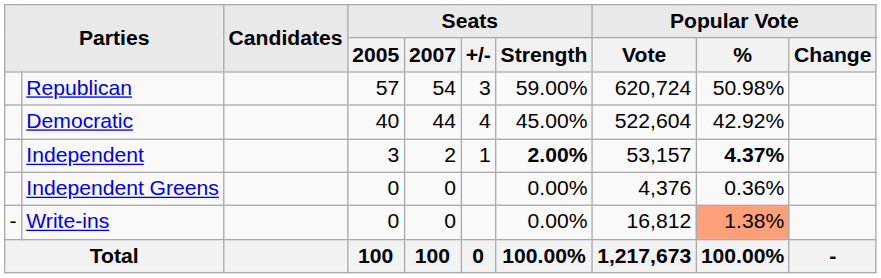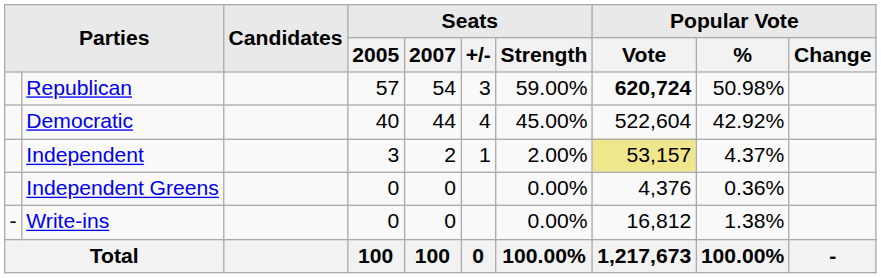 <table class="wikitable">
 <tr>
 <th colspan="2" rowspan="2" align="center" style="background-color:#E9E9E9">Parties</th>
 <th rowspan="2" align="center" style="background-color:#E9E9E9">Candidates</th>
 <th colspan="4" align="center" style="background-color:#E9E9E9">Seats</th>
 <th colspan="3" align="center" style="background-color:#E9E9E9">Popular Vote</th>
 </tr>
 <tr>
 <th align="center">2005</th>
 <th align="center">2007</th>
 <th align="center">+/-</th>
 <th align="center">Strength</th>
 <th align="center">Vote</th>
 <th align="center">%</th>
 <th align="center">Change</th>
 </tr>
 <tr>
 <td></td>
 <td align="left"><a href='#'>Republican</a></td>
 <td align="right"></td>
 <td align="right" >57</td>
 <td align="right" >54</td>
 <td align="right"> 3</td>
 <td align="right" >59.00%</td>
-<td align="right" >620,724</td>
+<td align="right" ><strong>620,724</strong></td>
 <td align="right" >50.98%</td>
 <td align="right"></td>
 </tr>
 <tr>
 <td></td>
 <td align="left"><a href='#'>Democratic</a></td>
 <td align="right"></td>
 <td align="right">40</td>
 <td align="right">44</td>
 <td align="right"> 4</td>
 <td align="right">45.00%</td>
 <td align="right">522,604</td>
 <td align="right">42.92%</td>
 <td align="right"></td>
 </tr>
 <tr>
 <td></td>
 <td><a href='#'>Independent</a></td>
 <td align="right"></td>
 <td align="right">3</td>
 <td align="right">2</td>
 <td align="right"> 1</td>
-<td align="right"><strong>2.00%</strong></td>
-<td align="right">53,157</td>
-<td align="right"><strong>4.37%</strong></td>
+<td align="right">2.00%</td>
+<td align="right" style="background: khaki;">53,157</td>
+<td align="right">4.37%</td>
 <td align="right"></td>
 </tr>
 <tr>
 <td></td>
 <td><a href='#'>Independent Greens</a></td>
 <td align="right"></td>
 <td align="right">0</td>
 <td align="right">0</td>
 <td align="right"></td>
 <td align="right">0.00%</td>
 <td align="right">4,376</td>
 <td align="right">0.36%</td>
 <td align="right"></td>
 </tr>
 <tr>
 <td>-</td>
 <td><a href='#'>Write-ins</a></td>
 <td align="right"></td>
 <td align="right">0</td>
 <td align="right">0</td>
 <td align="right"></td>
 <td align="right">0.00%</td>
 <td align="right">16,812</td>
-<td align="right" style="background: lightsalmon;">1.38%</td>
+<td align="right">1.38%</td>
 <td align="right"></td>
 </tr>
 <tr>
 <th colspan="2" align="center">Total</th>
 <th align="center"></th>
 <th align="center">100</th>
 <th align="center">100</th>
 <th align="center">0</th>
 <th align="center">100.00%</th>
 <th align="center">1,217,673</th>
 <th align="center">100.00%</th>
 <th align="center">-</th>
 </tr>
 </table>
